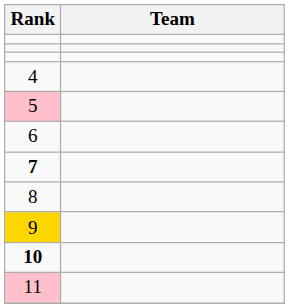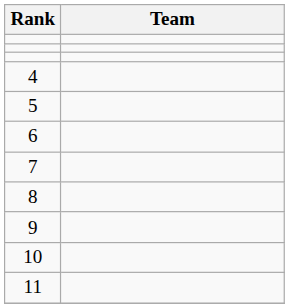 <table class="wikitable" style="text-align: center;">
 <tr>
 <th style="width: 40px;">Rank</th>
 <th style="width: 180px;">Team</th>
 </tr>
 <tr>
 <td></td>
 <td style="text-align: left;"></td>
 </tr>
 <tr>
 <td></td>
 <td style="text-align: left;"></td>
 </tr>
 <tr>
 <td></td>
 <td style="text-align: left;"></td>
 </tr>
 <tr>
 <td>4</td>
 <td style="text-align: left;"></td>
 </tr>
 <tr>
-<td style="background: pink;">5</td>
+<td>5</td>
 <td style="text-align: left;"></td>
 </tr>
 <tr>
 <td>6</td>
 <td style="text-align: left;"></td>
 </tr>
 <tr>
-<td><strong>7</strong></td>
+<td>7</td>
 <td style="text-align: left;"></td>
 </tr>
 <tr>
 <td>8</td>
 <td style="text-align: left;"></td>
 </tr>
 <tr>
-<td style="background: gold;">9</td>
+<td>9</td>
 <td style="text-align: left;"></td>
 </tr>
 <tr>
-<td><strong>10</strong></td>
+<td>10</td>
 <td style="text-align: left;"></td>
 </tr>
 <tr>
-<td style="background: pink;">11</td>
+<td>11</td>
 <td style="text-align: left;"></td>
 </tr>
 <tr>
 </tr>
 </table>
